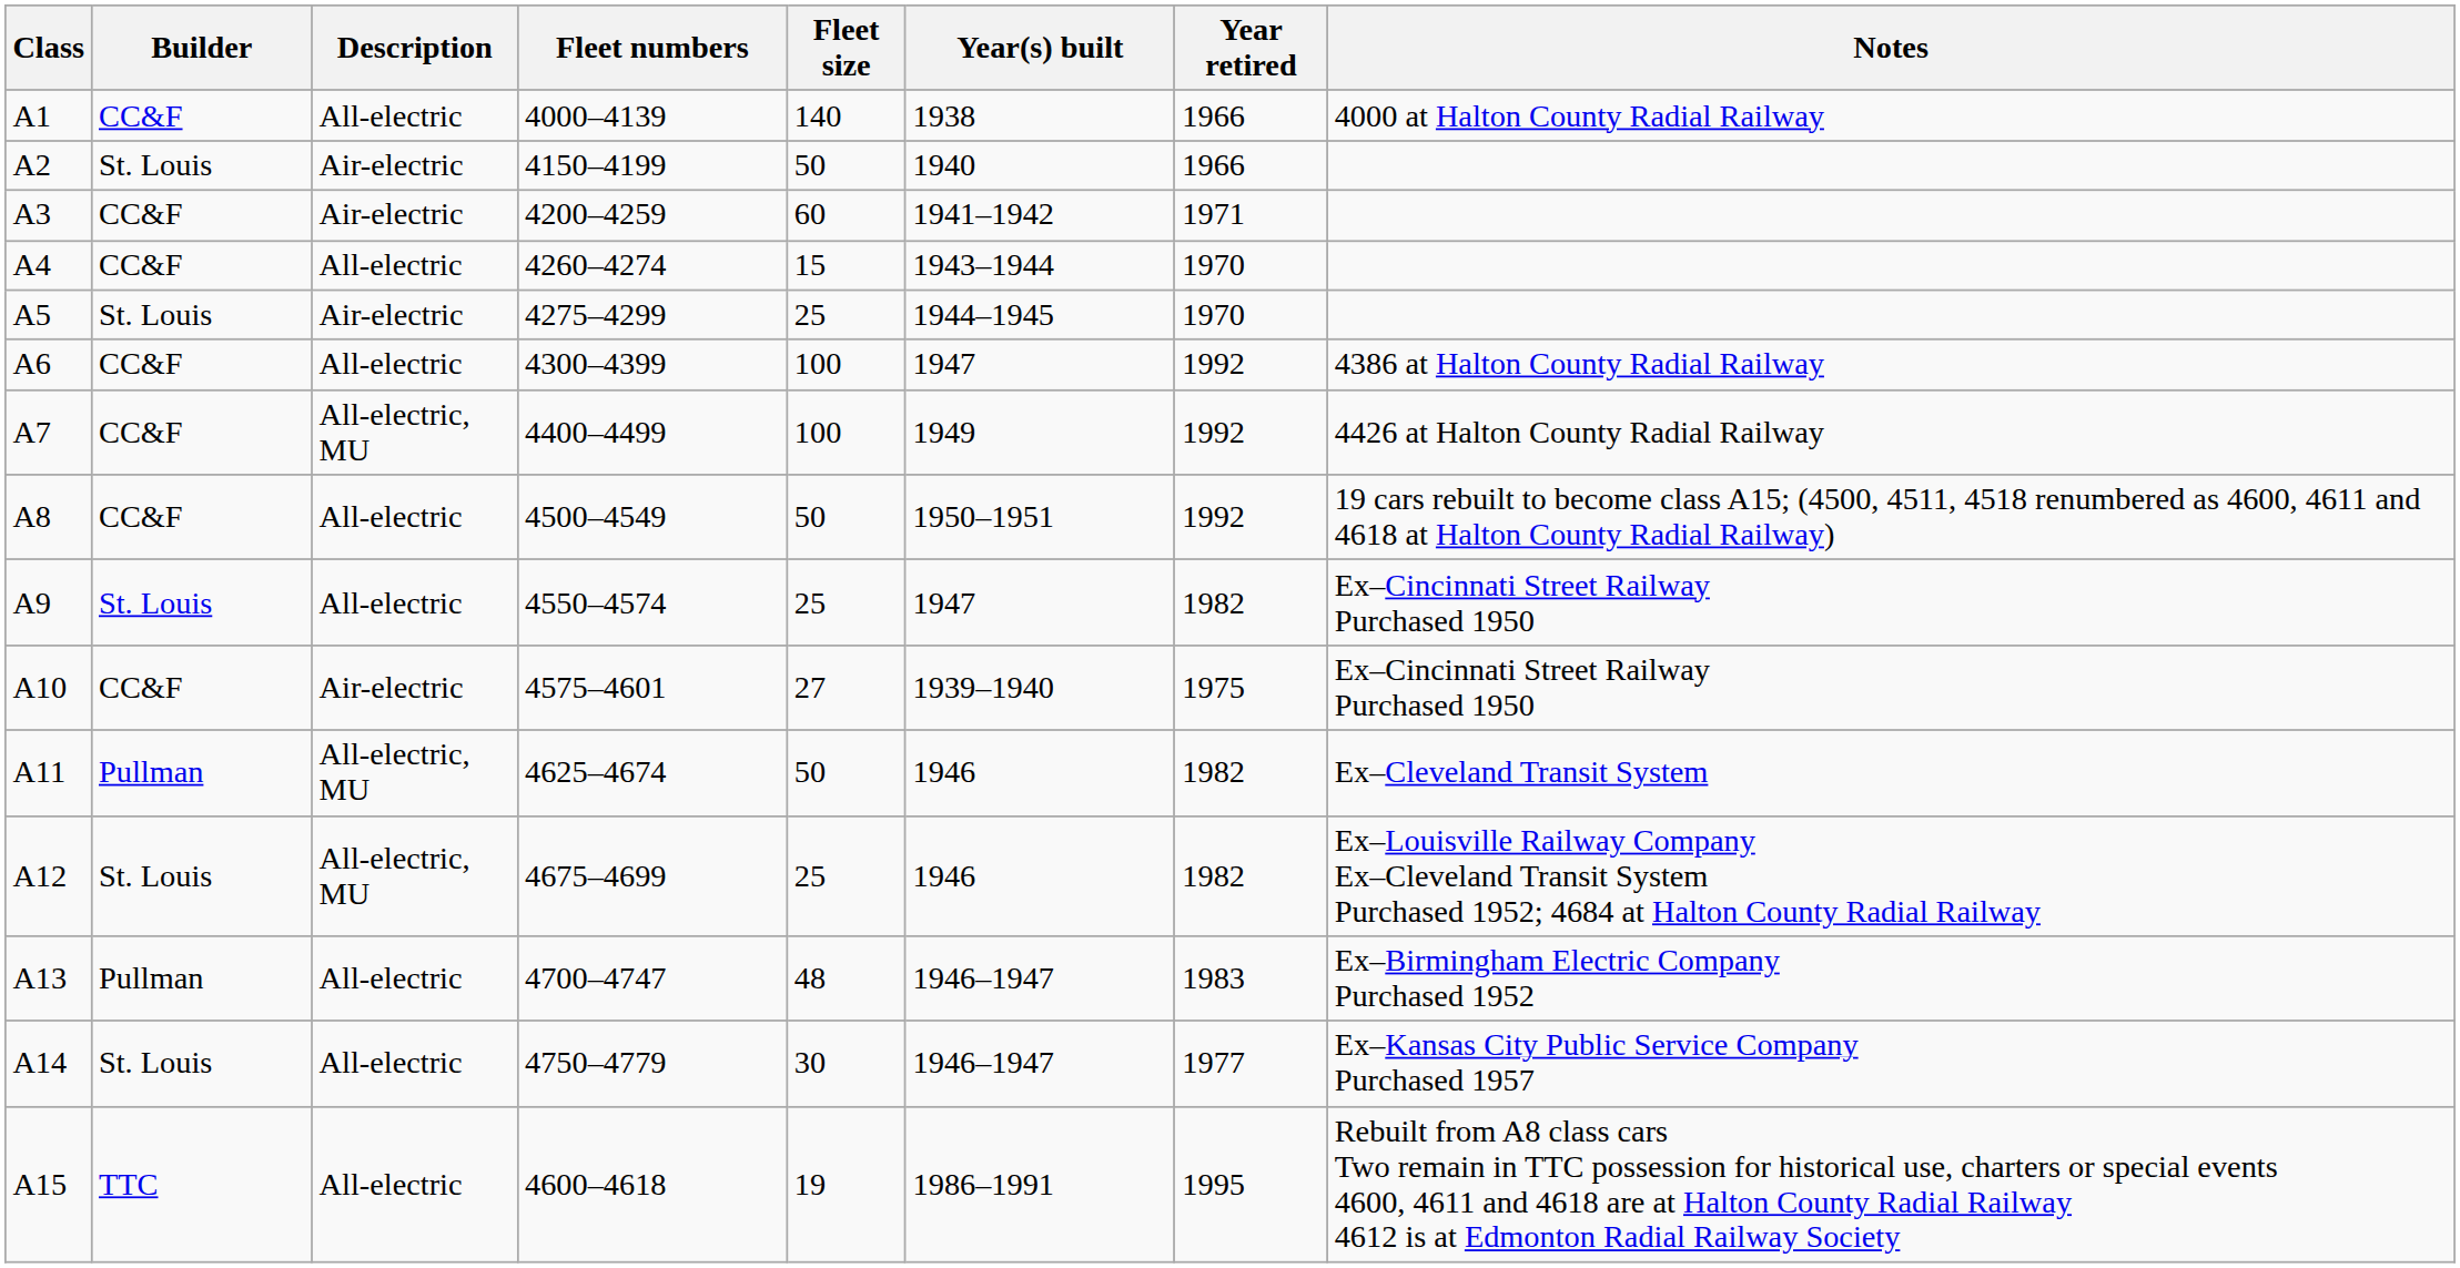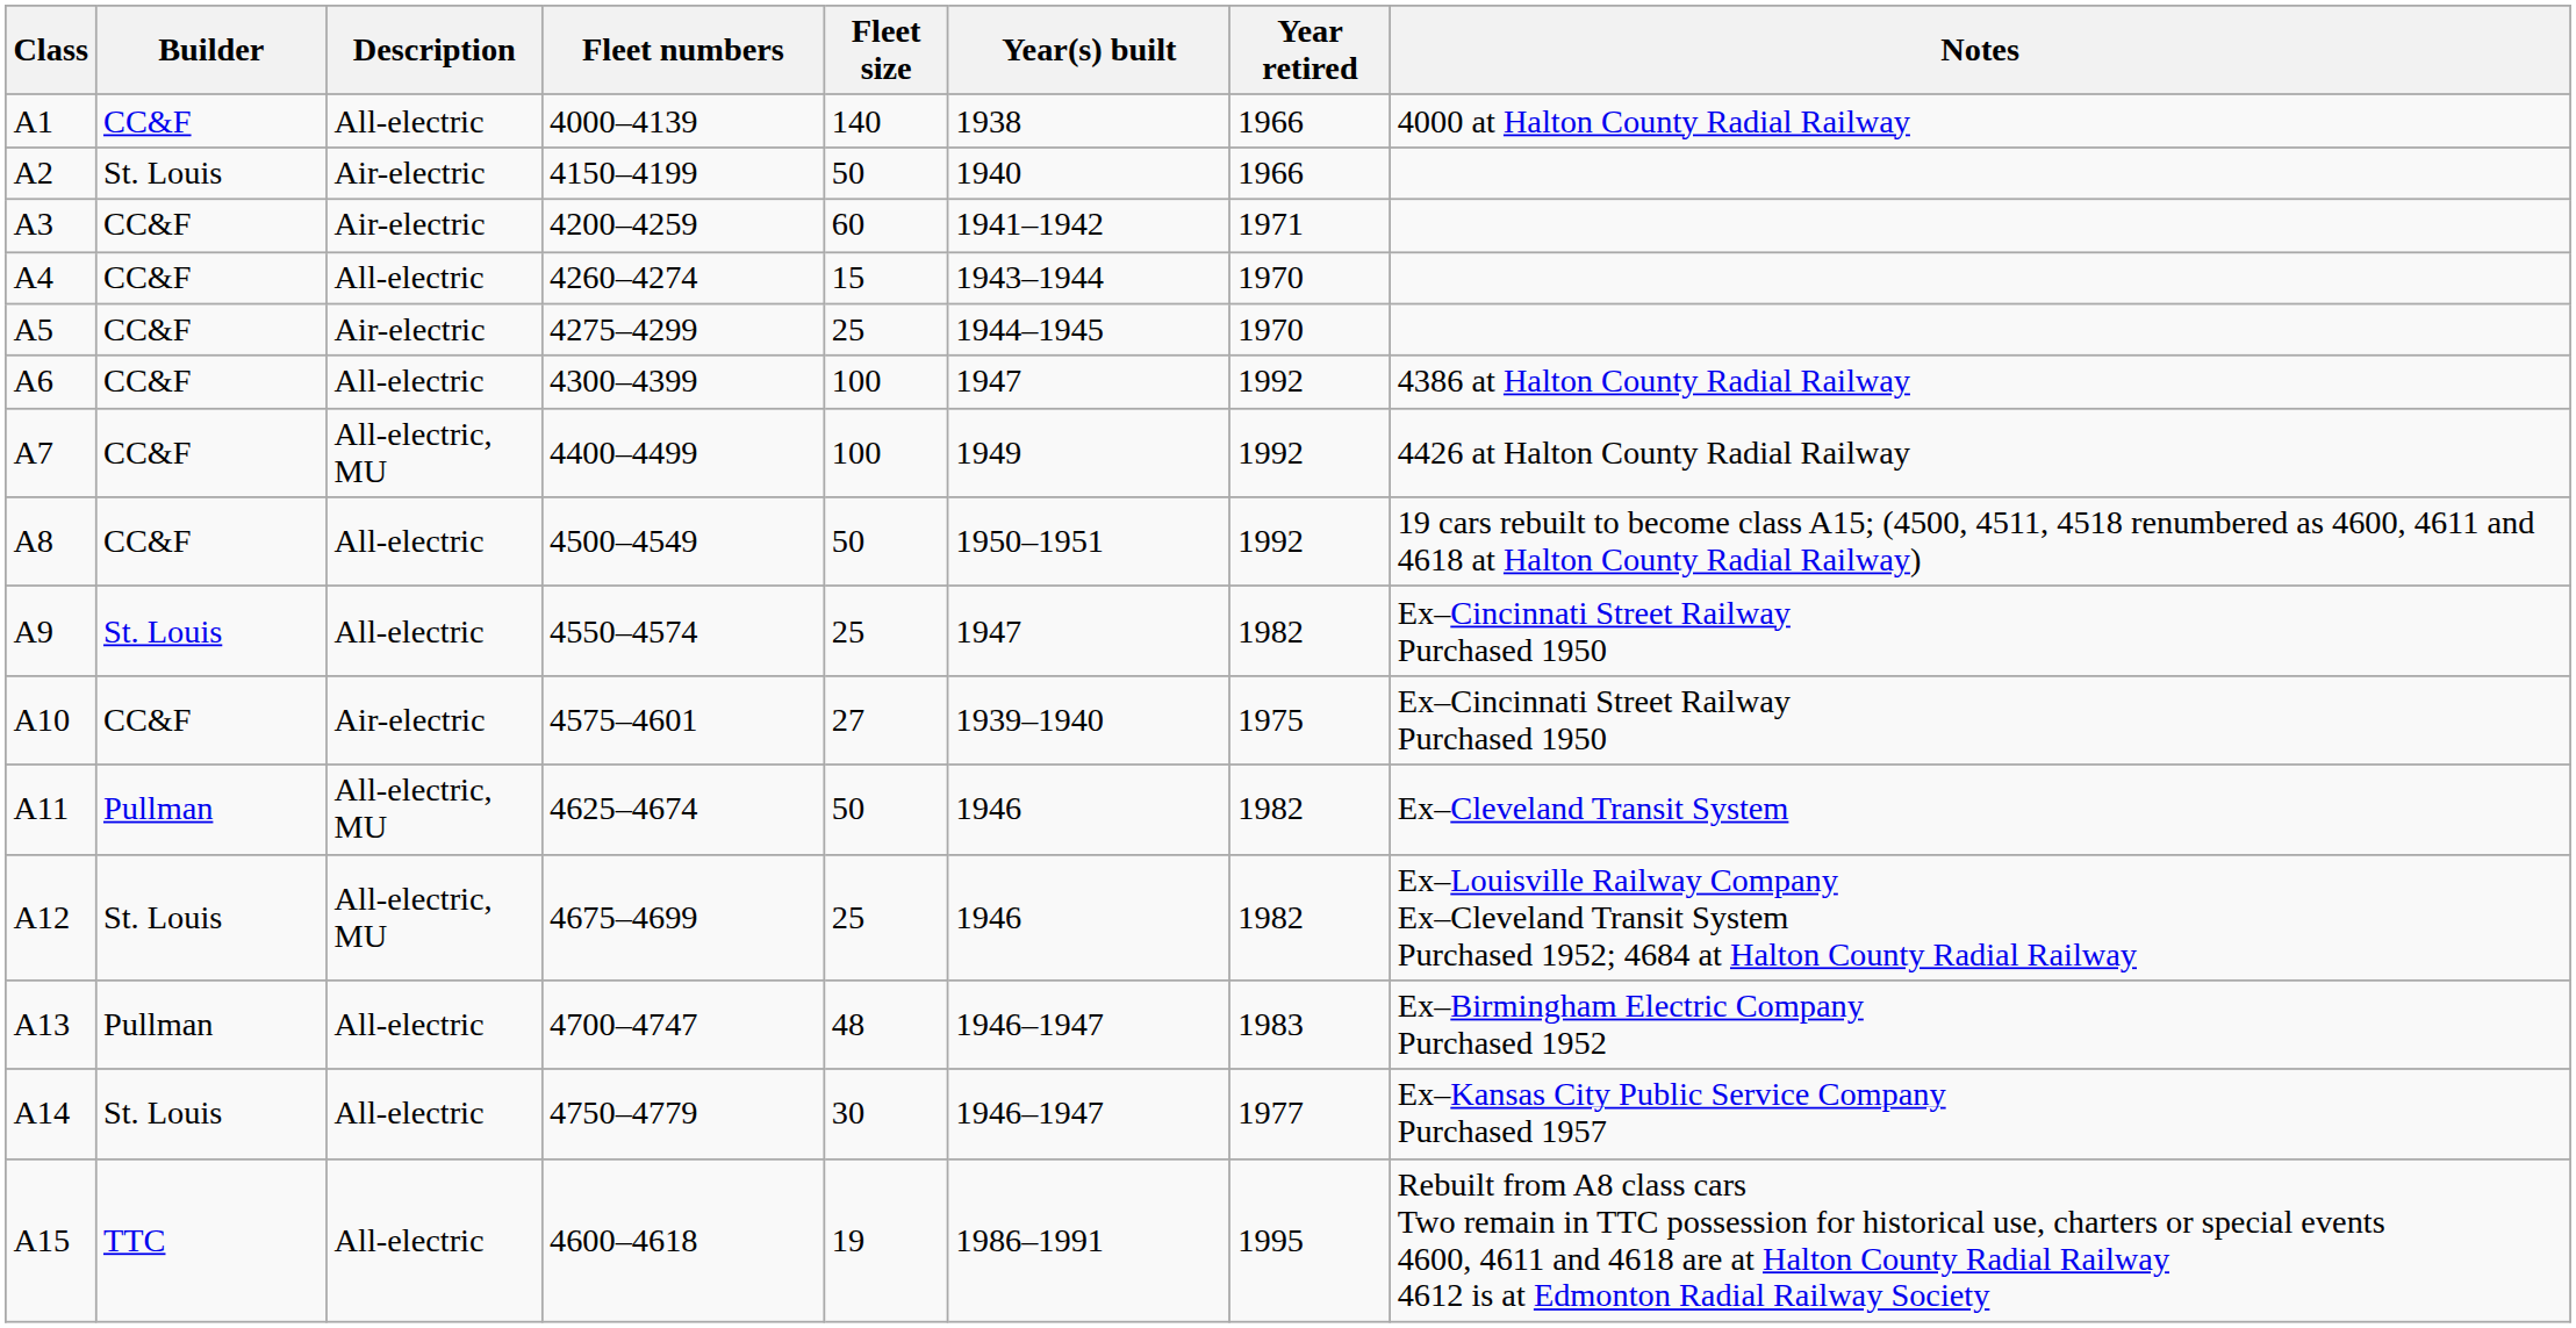 <table class="wikitable">
 <tr>
 <th>Class</th>
 <th width=9%>Builder</th>
 <th>Description</th>
 <th width=11%>Fleet numbers</th>
 <th>Fleet size</th>
 <th width=11%>Year(s) built</th>
 <th>Year retired</th>
 <th>Notes</th>
 </tr>
 <tr>
 <td>A1</td>
 <td><a href='#'>CC&F</a></td>
 <td>All-electric</td>
 <td>4000–4139</td>
 <td>140</td>
 <td>1938</td>
 <td>1966</td>
 <td>4000 at <a href='#'>Halton County Radial Railway</a></td>
 </tr>
 <tr>
 <td>A2</td>
 <td>St. Louis</td>
 <td>Air-electric</td>
 <td>4150–4199</td>
 <td>50</td>
 <td>1940</td>
 <td>1966</td>
 <td></td>
 </tr>
 <tr>
 <td>A3</td>
 <td>CC&F</td>
 <td>Air-electric</td>
 <td>4200–4259</td>
 <td>60</td>
 <td>1941–1942</td>
 <td>1971</td>
 <td></td>
 </tr>
 <tr>
 <td>A4</td>
 <td>CC&F</td>
 <td>All-electric</td>
 <td>4260–4274</td>
 <td>15</td>
 <td>1943–1944</td>
 <td>1970</td>
 <td></td>
 </tr>
 <tr>
 <td>A5</td>
-<td>St. Louis</td>
+<td>CC&F</td>
 <td>Air-electric</td>
 <td>4275–4299</td>
 <td>25</td>
 <td>1944–1945</td>
 <td>1970</td>
 <td></td>
 </tr>
 <tr>
 <td>A6</td>
 <td>CC&F</td>
 <td>All-electric</td>
 <td>4300–4399</td>
 <td>100</td>
 <td>1947</td>
 <td>1992</td>
 <td>4386 at <a href='#'>Halton County Radial Railway</a></td>
 </tr>
 <tr>
 <td>A7</td>
 <td>CC&F</td>
 <td>All-electric, MU</td>
 <td>4400–4499</td>
 <td>100</td>
 <td>1949</td>
 <td>1992</td>
 <td>4426 at Halton County Radial Railway</td>
 </tr>
 <tr>
 <td>A8</td>
 <td>CC&F</td>
 <td>All-electric</td>
 <td>4500–4549</td>
 <td>50</td>
 <td>1950–1951</td>
 <td>1992</td>
 <td>19 cars rebuilt to become class A15; (4500, 4511, 4518 renumbered as 4600, 4611 and 4618 at <a href='#'>Halton County Radial Railway</a>)</td>
 </tr>
 <tr>
 <td>A9</td>
 <td><a href='#'>St. Louis</a></td>
 <td>All-electric</td>
 <td>4550–4574</td>
 <td>25</td>
 <td>1947</td>
 <td>1982</td>
 <td>Ex–<a href='#'>Cincinnati Street Railway</a><br>Purchased 1950</td>
 </tr>
 <tr>
 <td>A10</td>
 <td>CC&F</td>
 <td>Air-electric</td>
 <td>4575–4601</td>
 <td>27</td>
 <td>1939–1940</td>
 <td>1975</td>
 <td>Ex–Cincinnati Street Railway<br>Purchased 1950</td>
 </tr>
 <tr>
 <td>A11</td>
 <td><a href='#'>Pullman</a></td>
 <td>All-electric, MU</td>
 <td>4625–4674</td>
 <td>50</td>
 <td>1946</td>
 <td>1982</td>
 <td>Ex–<a href='#'>Cleveland Transit System</a></td>
 </tr>
 <tr>
 <td>A12</td>
 <td>St. Louis</td>
 <td>All-electric, MU</td>
 <td>4675–4699</td>
 <td>25</td>
 <td>1946</td>
 <td>1982</td>
 <td>Ex–<a href='#'>Louisville Railway Company</a><br>Ex–Cleveland Transit System<br>Purchased 1952; 4684 at <a href='#'>Halton County Radial Railway</a></td>
 </tr>
 <tr>
 <td>A13</td>
 <td>Pullman</td>
 <td>All-electric</td>
 <td>4700–4747</td>
 <td>48</td>
 <td>1946–1947</td>
 <td>1983</td>
 <td>Ex–<a href='#'>Birmingham Electric Company</a><br>Purchased 1952</td>
 </tr>
 <tr>
 <td>A14</td>
 <td>St. Louis</td>
 <td>All-electric</td>
 <td>4750–4779</td>
 <td>30</td>
 <td>1946–1947</td>
 <td>1977</td>
 <td>Ex–<a href='#'>Kansas City Public Service Company</a><br>Purchased 1957</td>
 </tr>
 <tr>
 <td>A15</td>
 <td><a href='#'>TTC</a></td>
 <td>All-electric</td>
 <td>4600–4618</td>
 <td>19</td>
 <td>1986–1991</td>
 <td>1995</td>
 <td>Rebuilt from A8 class cars<br>Two remain in TTC possession for historical use, charters or special events<br>4600, 4611 and 4618 are at <a href='#'>Halton County Radial Railway</a> <br>4612 is at <a href='#'>Edmonton Radial Railway Society</a></td>
 </tr>
 </table>
